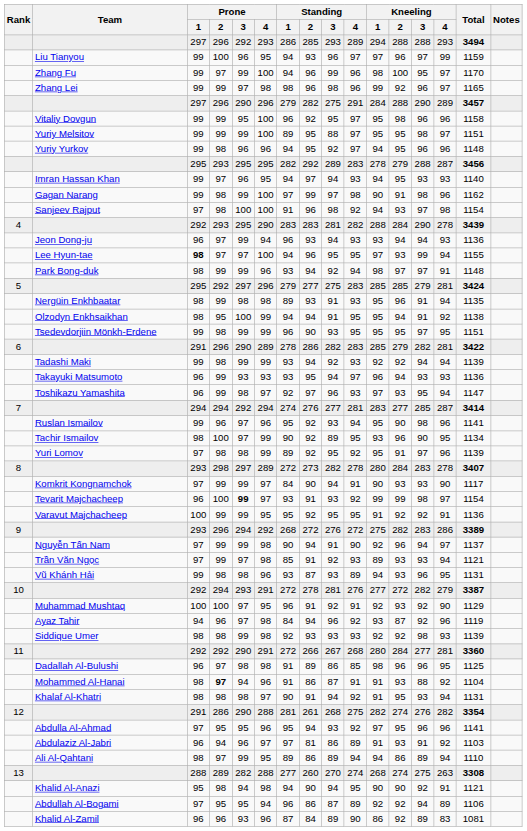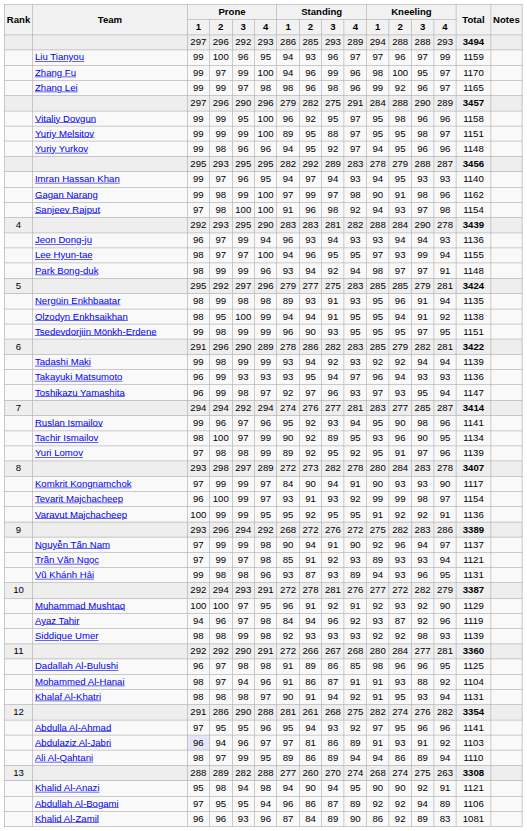 <table class="wikitable" style="text-align:center">
 <tr>
 <th rowspan=2 width=40>Rank</th>
 <th rowspan=2 width=250>Team</th>
 <th colspan=4>Prone</th>
 <th colspan=4>Standing</th>
 <th colspan=4>Kneeling</th>
 <th rowspan=2 width=50>Total</th>
 <th rowspan=2 width=45>Notes</th>
 </tr>
 <tr>
 <th width=30>1</th>
 <th width=30>2</th>
 <th width=30>3</th>
 <th width=30>4</th>
 <th width=30>1</th>
 <th width=30>2</th>
 <th width=30>3</th>
 <th width=30>4</th>
 <th width=30>1</th>
 <th width=30>2</th>
 <th width=30>3</th>
 <th width=30>4</th>
 </tr>
 <tr bgcolor=eeeeee>
 <td></td>
 <td align=left></td>
 <td>297</td>
 <td>296</td>
 <td>292</td>
 <td>293</td>
 <td>286</td>
 <td>285</td>
 <td>293</td>
 <td>289</td>
 <td>294</td>
 <td>288</td>
 <td>288</td>
 <td>293</td>
 <td><strong>3494</strong></td>
 <td></td>
 </tr>
 <tr>
 <td></td>
 <td align=left><a href='#'>Liu Tianyou</a></td>
 <td>99</td>
 <td>100</td>
 <td>96</td>
 <td>95</td>
 <td>94</td>
 <td>93</td>
 <td>96</td>
 <td>97</td>
 <td>97</td>
 <td>96</td>
 <td>97</td>
 <td>99</td>
 <td>1159</td>
 <td></td>
 </tr>
 <tr>
 <td></td>
 <td align=left><a href='#'>Zhang Fu</a></td>
 <td>99</td>
 <td>97</td>
 <td>99</td>
 <td>100</td>
 <td>94</td>
 <td>96</td>
 <td>99</td>
 <td>96</td>
 <td>98</td>
 <td>100</td>
 <td>95</td>
 <td>97</td>
 <td>1170</td>
 <td></td>
 </tr>
 <tr>
 <td></td>
 <td align=left><a href='#'>Zhang Lei</a></td>
 <td>99</td>
 <td>99</td>
 <td>97</td>
 <td>98</td>
 <td>98</td>
 <td>96</td>
 <td>98</td>
 <td>96</td>
 <td>99</td>
 <td>92</td>
 <td>96</td>
 <td>97</td>
 <td>1165</td>
 <td></td>
 </tr>
 <tr bgcolor=eeeeee>
 <td></td>
 <td align=left></td>
 <td>297</td>
 <td>296</td>
 <td>290</td>
 <td>296</td>
 <td>279</td>
 <td>282</td>
 <td>275</td>
 <td>291</td>
 <td>284</td>
 <td>288</td>
 <td>290</td>
 <td>289</td>
 <td><strong>3457</strong></td>
 <td></td>
 </tr>
 <tr>
 <td></td>
 <td align=left><a href='#'>Vitaliy Dovgun</a></td>
 <td>99</td>
 <td>99</td>
 <td>95</td>
 <td>100</td>
 <td>96</td>
 <td>92</td>
 <td>95</td>
 <td>97</td>
 <td>95</td>
 <td>98</td>
 <td>96</td>
 <td>96</td>
 <td>1158</td>
 <td></td>
 </tr>
 <tr>
 <td></td>
 <td align=left><a href='#'>Yuriy Melsitov</a></td>
 <td>99</td>
 <td>99</td>
 <td>99</td>
 <td>100</td>
 <td>89</td>
 <td>95</td>
 <td>88</td>
 <td>97</td>
 <td>95</td>
 <td>95</td>
 <td>98</td>
 <td>97</td>
 <td>1151</td>
 <td></td>
 </tr>
 <tr>
 <td></td>
 <td align=left><a href='#'>Yuriy Yurkov</a></td>
 <td>99</td>
 <td>98</td>
 <td>96</td>
 <td>96</td>
 <td>94</td>
 <td>95</td>
 <td>92</td>
 <td>97</td>
 <td>94</td>
 <td>95</td>
 <td>96</td>
 <td>96</td>
 <td>1148</td>
 <td></td>
 </tr>
 <tr bgcolor=eeeeee>
 <td></td>
 <td align=left></td>
 <td>295</td>
 <td>293</td>
 <td>295</td>
 <td>295</td>
 <td>282</td>
 <td>292</td>
 <td>289</td>
 <td>283</td>
 <td>278</td>
 <td>279</td>
 <td>288</td>
 <td>287</td>
 <td><strong>3456</strong></td>
 <td></td>
 </tr>
 <tr>
 <td></td>
 <td align=left><a href='#'>Imran Hassan Khan</a></td>
 <td>99</td>
 <td>97</td>
 <td>96</td>
 <td>95</td>
 <td>94</td>
 <td>97</td>
 <td>94</td>
 <td>93</td>
 <td>94</td>
 <td>95</td>
 <td>93</td>
 <td>93</td>
 <td>1140</td>
 <td></td>
 </tr>
 <tr>
 <td></td>
 <td align=left><a href='#'>Gagan Narang</a></td>
 <td>99</td>
 <td>98</td>
 <td>99</td>
 <td>100</td>
 <td>97</td>
 <td>99</td>
 <td>97</td>
 <td>98</td>
 <td>90</td>
 <td>91</td>
 <td>98</td>
 <td>96</td>
 <td>1162</td>
 <td></td>
 </tr>
 <tr>
 <td></td>
 <td align=left><a href='#'>Sanjeev Rajput</a></td>
 <td>97</td>
 <td>98</td>
 <td>100</td>
 <td>100</td>
 <td>91</td>
 <td>96</td>
 <td>98</td>
 <td>92</td>
 <td>94</td>
 <td>93</td>
 <td>97</td>
 <td>98</td>
 <td>1154</td>
 <td></td>
 </tr>
 <tr bgcolor=eeeeee>
 <td>4</td>
 <td align=left></td>
 <td>292</td>
 <td>293</td>
 <td>295</td>
 <td>290</td>
 <td>283</td>
 <td>283</td>
 <td>281</td>
 <td>282</td>
 <td>288</td>
 <td>284</td>
 <td>290</td>
 <td>278</td>
 <td><strong>3439</strong></td>
 <td></td>
 </tr>
 <tr>
 <td></td>
 <td align=left><a href='#'>Jeon Dong-ju</a></td>
 <td>96</td>
 <td>97</td>
 <td>99</td>
 <td>94</td>
 <td>96</td>
 <td>93</td>
 <td>94</td>
 <td>93</td>
 <td>93</td>
 <td>94</td>
 <td>94</td>
 <td>93</td>
 <td>1136</td>
 <td></td>
 </tr>
 <tr>
 <td></td>
 <td align=left><a href='#'>Lee Hyun-tae</a></td>
-<td><strong>98</strong></td>
+<td>98</td>
 <td>97</td>
 <td>97</td>
 <td>100</td>
 <td>94</td>
 <td>96</td>
 <td>95</td>
 <td>95</td>
 <td>97</td>
 <td>93</td>
 <td>99</td>
 <td>94</td>
 <td>1155</td>
 <td></td>
 </tr>
 <tr>
 <td></td>
 <td align=left><a href='#'>Park Bong-duk</a></td>
 <td>98</td>
 <td>99</td>
 <td>99</td>
 <td>96</td>
 <td>93</td>
 <td>94</td>
 <td>92</td>
 <td>94</td>
 <td>98</td>
 <td>97</td>
 <td>97</td>
 <td>91</td>
 <td>1148</td>
 <td></td>
 </tr>
 <tr bgcolor=eeeeee>
 <td>5</td>
 <td align=left></td>
 <td>295</td>
 <td>292</td>
 <td>297</td>
 <td>296</td>
 <td>279</td>
 <td>277</td>
 <td>275</td>
 <td>283</td>
 <td>285</td>
 <td>285</td>
 <td>279</td>
 <td>281</td>
 <td><strong>3424</strong></td>
 <td></td>
 </tr>
 <tr>
 <td></td>
 <td align=left><a href='#'>Nergüin Enkhbaatar</a></td>
 <td>98</td>
 <td>99</td>
 <td>98</td>
 <td>98</td>
 <td>89</td>
 <td>93</td>
 <td>91</td>
 <td>93</td>
 <td>95</td>
 <td>96</td>
 <td>91</td>
 <td>94</td>
 <td>1135</td>
 <td></td>
 </tr>
 <tr>
 <td></td>
 <td align=left><a href='#'>Olzodyn Enkhsaikhan</a></td>
 <td>98</td>
 <td>95</td>
 <td>100</td>
 <td>99</td>
 <td>94</td>
 <td>94</td>
 <td>91</td>
 <td>95</td>
 <td>95</td>
 <td>94</td>
 <td>91</td>
 <td>92</td>
 <td>1138</td>
 <td></td>
 </tr>
 <tr>
 <td></td>
 <td align=left><a href='#'>Tsedevdorjiin Mönkh-Erdene</a></td>
 <td>99</td>
 <td>98</td>
 <td>99</td>
 <td>99</td>
 <td>96</td>
 <td>90</td>
 <td>93</td>
 <td>95</td>
 <td>95</td>
 <td>95</td>
 <td>97</td>
 <td>95</td>
 <td>1151</td>
 <td></td>
 </tr>
 <tr bgcolor=eeeeee>
 <td>6</td>
 <td align=left></td>
 <td>291</td>
 <td>296</td>
 <td>290</td>
 <td>289</td>
 <td>278</td>
 <td>286</td>
 <td>282</td>
 <td>283</td>
 <td>285</td>
 <td>279</td>
 <td>282</td>
 <td>281</td>
 <td><strong>3422</strong></td>
 <td></td>
 </tr>
 <tr>
 <td></td>
 <td align=left><a href='#'>Tadashi Maki</a></td>
 <td>99</td>
 <td>98</td>
 <td>99</td>
 <td>99</td>
 <td>93</td>
 <td>94</td>
 <td>92</td>
 <td>93</td>
 <td>92</td>
 <td>92</td>
 <td>94</td>
 <td>94</td>
 <td>1139</td>
 <td></td>
 </tr>
 <tr>
 <td></td>
 <td align=left><a href='#'>Takayuki Matsumoto</a></td>
 <td>96</td>
 <td>99</td>
 <td>93</td>
 <td>93</td>
 <td>93</td>
 <td>95</td>
 <td>94</td>
 <td>97</td>
 <td>96</td>
 <td>94</td>
 <td>93</td>
 <td>93</td>
 <td>1136</td>
 <td></td>
 </tr>
 <tr>
 <td></td>
 <td align=left><a href='#'>Toshikazu Yamashita</a></td>
 <td>96</td>
 <td>99</td>
 <td>98</td>
 <td>97</td>
 <td>92</td>
 <td>97</td>
 <td>96</td>
 <td>93</td>
 <td>97</td>
 <td>93</td>
 <td>95</td>
 <td>94</td>
 <td>1147</td>
 <td></td>
 </tr>
 <tr bgcolor=eeeeee>
 <td>7</td>
 <td align=left></td>
 <td>294</td>
 <td>294</td>
 <td>292</td>
 <td>294</td>
 <td>274</td>
 <td>276</td>
 <td>277</td>
 <td>281</td>
 <td>283</td>
 <td>277</td>
 <td>285</td>
 <td>287</td>
 <td><strong>3414</strong></td>
 <td></td>
 </tr>
 <tr>
 <td></td>
 <td align=left><a href='#'>Ruslan Ismailov</a></td>
 <td>99</td>
 <td>96</td>
 <td>97</td>
 <td>96</td>
 <td>95</td>
 <td>92</td>
 <td>93</td>
 <td>94</td>
 <td>95</td>
 <td>90</td>
 <td>98</td>
 <td>96</td>
 <td>1141</td>
 <td></td>
 </tr>
 <tr>
 <td></td>
 <td align=left><a href='#'>Tachir Ismailov</a></td>
 <td>98</td>
 <td>100</td>
 <td>97</td>
 <td>99</td>
 <td>90</td>
 <td>92</td>
 <td>89</td>
 <td>95</td>
 <td>93</td>
 <td>96</td>
 <td>90</td>
 <td>95</td>
 <td>1134</td>
 <td></td>
 </tr>
 <tr>
 <td></td>
 <td align=left><a href='#'>Yuri Lomov</a></td>
 <td>97</td>
 <td>98</td>
 <td>98</td>
 <td>99</td>
 <td>89</td>
 <td>92</td>
 <td>95</td>
 <td>92</td>
 <td>95</td>
 <td>91</td>
 <td>97</td>
 <td>96</td>
 <td>1139</td>
 <td></td>
 </tr>
 <tr bgcolor=eeeeee>
 <td>8</td>
 <td align=left></td>
 <td>293</td>
 <td>298</td>
 <td>297</td>
 <td>289</td>
 <td>272</td>
 <td>273</td>
 <td>282</td>
 <td>278</td>
 <td>280</td>
 <td>284</td>
 <td>283</td>
 <td>278</td>
 <td><strong>3407</strong></td>
 <td></td>
 </tr>
 <tr>
 <td></td>
 <td align=left><a href='#'>Komkrit Kongnamchok</a></td>
 <td>97</td>
 <td>99</td>
 <td>99</td>
 <td>97</td>
 <td>84</td>
 <td>90</td>
 <td>94</td>
 <td>91</td>
 <td>90</td>
 <td>93</td>
 <td>93</td>
 <td>90</td>
 <td>1117</td>
 <td></td>
 </tr>
 <tr>
 <td></td>
 <td align=left><a href='#'>Tevarit Majchacheep</a></td>
 <td>96</td>
 <td>100</td>
-<td><strong>99</strong></td>
+<td>99</td>
 <td>97</td>
 <td>93</td>
 <td>91</td>
 <td>93</td>
 <td>92</td>
 <td>99</td>
 <td>99</td>
 <td>98</td>
 <td>97</td>
 <td>1154</td>
 <td></td>
 </tr>
 <tr>
 <td></td>
 <td align=left><a href='#'>Varavut Majchacheep</a></td>
 <td>100</td>
 <td>99</td>
 <td>99</td>
 <td>95</td>
 <td>95</td>
 <td>92</td>
 <td>95</td>
 <td>95</td>
 <td>91</td>
 <td>92</td>
 <td>92</td>
 <td>91</td>
 <td>1136</td>
 <td></td>
 </tr>
 <tr bgcolor=eeeeee>
 <td>9</td>
 <td align=left></td>
 <td>293</td>
 <td>296</td>
 <td>294</td>
 <td>292</td>
 <td>268</td>
 <td>272</td>
 <td>276</td>
 <td>272</td>
 <td>275</td>
 <td>282</td>
 <td>283</td>
 <td>286</td>
 <td><strong>3389</strong></td>
 <td></td>
 </tr>
 <tr>
 <td></td>
 <td align=left><a href='#'>Nguyễn Tấn Nam</a></td>
 <td>97</td>
 <td>99</td>
 <td>99</td>
 <td>98</td>
 <td>90</td>
 <td>94</td>
 <td>91</td>
 <td>90</td>
 <td>92</td>
 <td>96</td>
 <td>94</td>
 <td>97</td>
 <td>1137</td>
 <td></td>
 </tr>
 <tr>
 <td></td>
 <td align=left><a href='#'>Trần Văn Ngọc</a></td>
 <td>97</td>
 <td>99</td>
 <td>97</td>
 <td>98</td>
 <td>85</td>
 <td>91</td>
 <td>92</td>
 <td>93</td>
 <td>89</td>
 <td>93</td>
 <td>93</td>
 <td>94</td>
 <td>1121</td>
 <td></td>
 </tr>
 <tr>
 <td></td>
 <td align=left><a href='#'>Vũ Khánh Hải</a></td>
 <td>99</td>
 <td>98</td>
 <td>98</td>
 <td>96</td>
 <td>93</td>
 <td>87</td>
 <td>93</td>
 <td>89</td>
 <td>94</td>
 <td>93</td>
 <td>96</td>
 <td>95</td>
 <td>1131</td>
 <td></td>
 </tr>
 <tr bgcolor=eeeeee>
 <td>10</td>
 <td align=left></td>
 <td>292</td>
 <td>294</td>
 <td>293</td>
 <td>291</td>
 <td>272</td>
 <td>278</td>
 <td>281</td>
 <td>276</td>
 <td>277</td>
 <td>272</td>
 <td>282</td>
 <td>279</td>
 <td><strong>3387</strong></td>
 <td></td>
 </tr>
 <tr>
 <td></td>
 <td align=left><a href='#'>Muhammad Mushtaq</a></td>
 <td>100</td>
 <td>100</td>
 <td>97</td>
 <td>95</td>
 <td>96</td>
 <td>91</td>
 <td>92</td>
 <td>91</td>
 <td>92</td>
 <td>93</td>
 <td>92</td>
 <td>90</td>
 <td>1129</td>
 <td></td>
 </tr>
 <tr>
 <td></td>
 <td align=left><a href='#'>Ayaz Tahir</a></td>
 <td>94</td>
 <td>96</td>
 <td>97</td>
 <td>98</td>
 <td>84</td>
 <td>94</td>
 <td>96</td>
 <td>92</td>
 <td>93</td>
 <td>87</td>
 <td>92</td>
 <td>96</td>
 <td>1119</td>
 <td></td>
 </tr>
 <tr>
 <td></td>
 <td align=left><a href='#'>Siddique Umer</a></td>
 <td>98</td>
 <td>98</td>
 <td>99</td>
 <td>98</td>
 <td>92</td>
 <td>93</td>
 <td>93</td>
 <td>93</td>
 <td>92</td>
 <td>92</td>
 <td>98</td>
 <td>93</td>
 <td>1139</td>
 <td></td>
 </tr>
 <tr bgcolor=eeeeee>
 <td>11</td>
 <td align=left></td>
 <td>292</td>
 <td>292</td>
 <td>290</td>
 <td>291</td>
 <td>272</td>
 <td>266</td>
 <td>267</td>
 <td>268</td>
 <td>280</td>
 <td>284</td>
 <td>277</td>
 <td>281</td>
 <td><strong>3360</strong></td>
 <td></td>
 </tr>
 <tr>
 <td></td>
 <td align=left><a href='#'>Dadallah Al-Bulushi</a></td>
 <td>96</td>
 <td>97</td>
 <td>98</td>
 <td>98</td>
 <td>91</td>
 <td>89</td>
 <td>86</td>
 <td>85</td>
 <td>98</td>
 <td>96</td>
 <td>96</td>
 <td>95</td>
 <td>1125</td>
 <td></td>
 </tr>
 <tr>
 <td></td>
 <td align=left><a href='#'>Mohammed Al-Hanai</a></td>
 <td>98</td>
-<td><strong>97</strong></td>
+<td>97</td>
 <td>94</td>
 <td>96</td>
 <td>91</td>
 <td>86</td>
 <td>87</td>
 <td>91</td>
 <td>91</td>
 <td>93</td>
 <td>88</td>
 <td>92</td>
 <td>1104</td>
 <td></td>
 </tr>
 <tr>
 <td></td>
 <td align=left><a href='#'>Khalaf Al-Khatri</a></td>
 <td>98</td>
 <td>98</td>
 <td>98</td>
 <td>97</td>
 <td>90</td>
 <td>91</td>
 <td>94</td>
 <td>92</td>
 <td>91</td>
 <td>95</td>
 <td>93</td>
 <td>94</td>
 <td>1131</td>
 <td></td>
 </tr>
 <tr bgcolor=eeeeee>
 <td>12</td>
 <td align=left></td>
 <td>291</td>
 <td>286</td>
 <td>290</td>
 <td>288</td>
 <td>281</td>
 <td>261</td>
 <td>268</td>
 <td>275</td>
 <td>282</td>
 <td>274</td>
 <td>276</td>
 <td>282</td>
 <td><strong>3354</strong></td>
 <td></td>
 </tr>
 <tr>
 <td></td>
 <td align=left><a href='#'>Abdulla Al-Ahmad</a></td>
 <td>97</td>
 <td>95</td>
 <td>95</td>
 <td>96</td>
 <td>95</td>
 <td>94</td>
 <td>93</td>
 <td>92</td>
 <td>97</td>
 <td>95</td>
 <td>96</td>
 <td>96</td>
 <td>1141</td>
 <td></td>
 </tr>
 <tr>
 <td></td>
 <td align=left><a href='#'>Abdulaziz Al-Jabri</a></td>
-<td>96</td>
+<td style="background: lavender;">96</td>
 <td>94</td>
 <td>96</td>
 <td>97</td>
 <td>97</td>
 <td>81</td>
 <td>86</td>
 <td>89</td>
 <td>91</td>
 <td>93</td>
 <td>91</td>
 <td>92</td>
 <td>1103</td>
 <td></td>
 </tr>
 <tr>
 <td></td>
 <td align=left><a href='#'>Ali Al-Qahtani</a></td>
 <td>98</td>
 <td>97</td>
 <td>99</td>
 <td>95</td>
 <td>89</td>
 <td>86</td>
 <td>89</td>
 <td>94</td>
 <td>94</td>
 <td>86</td>
 <td>89</td>
 <td>94</td>
 <td>1110</td>
 <td></td>
 </tr>
 <tr bgcolor=eeeeee>
 <td>13</td>
 <td align=left></td>
 <td>288</td>
 <td>289</td>
 <td>282</td>
 <td>288</td>
 <td>277</td>
 <td>260</td>
 <td>270</td>
 <td>274</td>
 <td>268</td>
 <td>274</td>
 <td>275</td>
 <td>263</td>
 <td><strong>3308</strong></td>
 <td></td>
 </tr>
 <tr>
 <td></td>
 <td align=left><a href='#'>Khalid Al-Anazi</a></td>
 <td>95</td>
 <td>98</td>
 <td>94</td>
 <td>98</td>
 <td>94</td>
 <td>90</td>
 <td>94</td>
 <td>95</td>
 <td>90</td>
 <td>90</td>
 <td>92</td>
 <td>91</td>
 <td>1121</td>
 <td></td>
 </tr>
 <tr>
 <td></td>
 <td align=left><a href='#'>Abdullah Al-Bogami</a></td>
 <td>97</td>
 <td>95</td>
 <td>95</td>
 <td>94</td>
 <td>96</td>
 <td>86</td>
 <td>87</td>
 <td>89</td>
 <td>92</td>
 <td>92</td>
 <td>94</td>
 <td>89</td>
 <td>1106</td>
 <td></td>
 </tr>
 <tr>
 <td></td>
 <td align=left><a href='#'>Khalid Al-Zamil</a></td>
 <td>96</td>
 <td>96</td>
 <td>93</td>
 <td>96</td>
 <td>87</td>
 <td>84</td>
 <td>89</td>
 <td>90</td>
 <td>86</td>
 <td>92</td>
 <td>89</td>
 <td>83</td>
 <td>1081</td>
 <td></td>
 </tr>
 </table>
